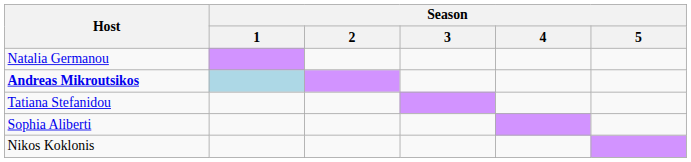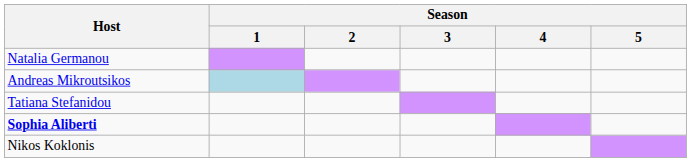 <table class="wikitable" width="40%">
 <tr>
 <th rowspan="2" width="30%">Host</th>
 <th colspan=6 text-align:center;>Season</th>
 </tr>
 <tr>
 <th>1</th>
 <th>2</th>
 <th>3</th>
 <th>4</th>
 <th>5</th>
 </tr>
 <tr>
 <td><a href='#'>Natalia Germanou</a></td>
 <td colspan=1 style="text-align:center; background:#d293ff;"></td>
 <td></td>
 <td></td>
 <td></td>
 <td></td>
 </tr>
 <tr>
-<td><strong><a href='#'>Andreas Mikroutsikos</a></strong></td>
+<td><a href='#'>Andreas Mikroutsikos</a></td>
 <td colspan=1 style="text-align:center; background:lightblue;"></td>
 <td colspan=1 style="text-align:center; background:#d293ff;"></td>
 <td></td>
 <td></td>
 <td></td>
 </tr>
 <tr>
 <td><a href='#'>Tatiana Stefanidou</a></td>
 <td></td>
 <td></td>
 <td colspan=1 style="text-align:center; background:#d293ff;"></td>
 <td></td>
 <td></td>
 </tr>
 <tr>
-<td><a href='#'>Sophia Aliberti</a></td>
+<td><strong><a href='#'>Sophia Aliberti</a></strong></td>
 <td></td>
 <td></td>
 <td></td>
 <td colspan=1 style="text-align:center; background:#d293ff;"></td>
 <td></td>
 </tr>
 <tr>
 <td>Nikos Koklonis</td>
 <td></td>
 <td></td>
 <td></td>
 <td></td>
 <td colspan=1 style="text-align:center; background:#d293ff;"></td>
 </tr>
 </table>
